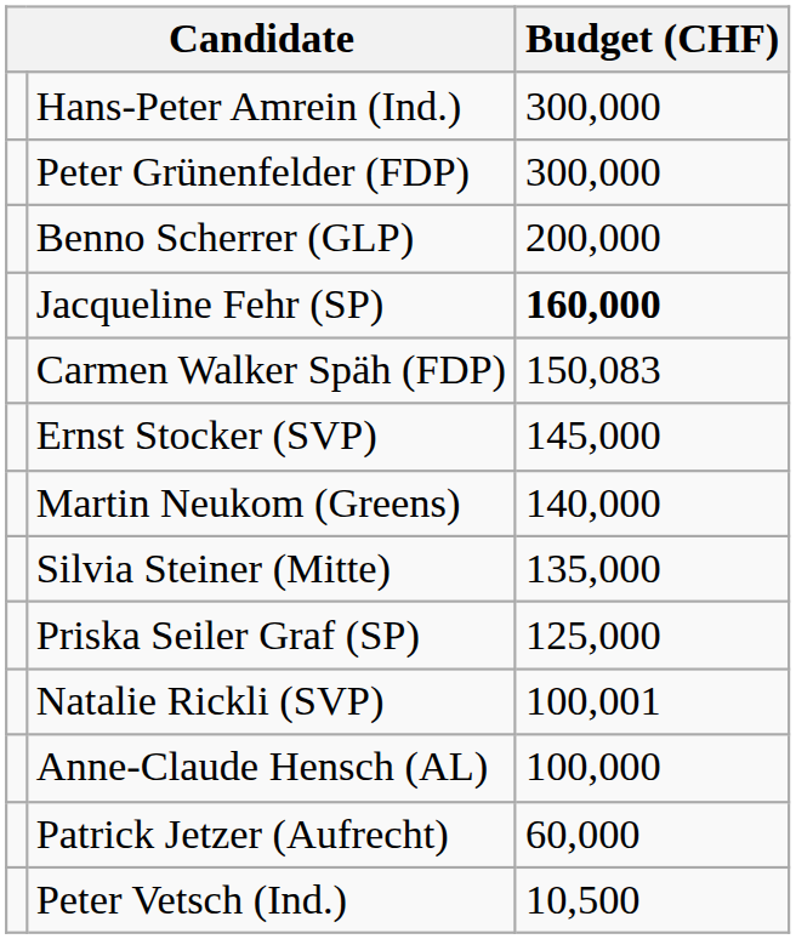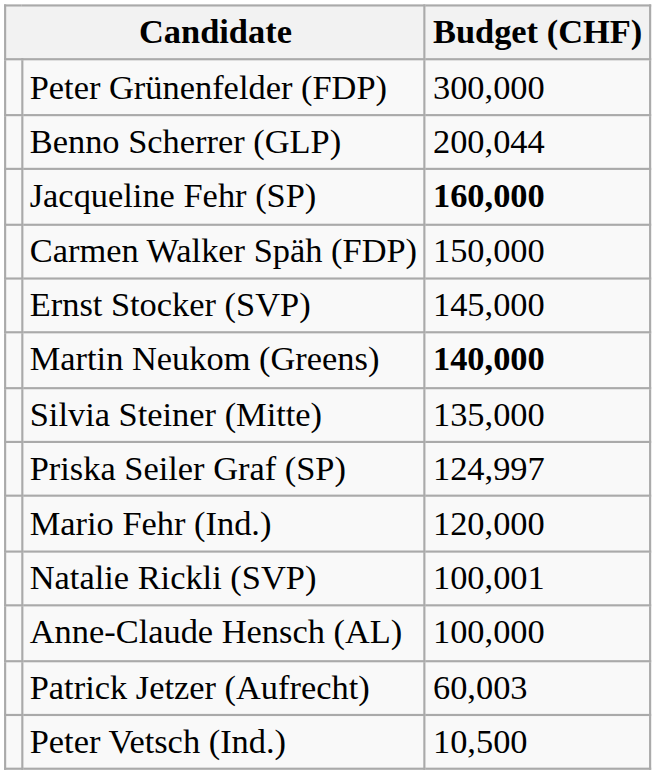 <table class="wikitable" style="float:right;">
 <tr>
 <th colspan=2>Candidate</th>
 <th>Budget (CHF)</th>
-</tr>
-<tr>
-<td style="background-color:"></td>
-<td>Hans-Peter Amrein (Ind.)</td>
-<td>300,000</td>
 </tr>
 <tr>
 <td style="background-color:"></td>
 <td>Peter Grünenfelder (FDP)</td>
 <td>300,000</td>
 </tr>
 <tr>
 <td style="background-color:"></td>
 <td>Benno Scherrer (GLP)</td>
-<td>200,000</td>
+<td>200,044</td>
 </tr>
 <tr>
 <td style="background-color:"></td>
 <td>Jacqueline Fehr (SP)</td>
 <td><strong>160,000</strong></td>
 </tr>
 <tr>
 <td style="background-color:"></td>
 <td>Carmen Walker Späh (FDP)</td>
-<td>150,083</td>
+<td>150,000</td>
 </tr>
 <tr>
 <td style="background-color:"></td>
 <td>Ernst Stocker (SVP)</td>
 <td>145,000</td>
 </tr>
 <tr>
 <td style="background-color:"></td>
 <td>Martin Neukom (Greens)</td>
-<td>140,000</td>
+<td><strong>140,000</strong></td>
 </tr>
 <tr>
 <td style="background-color:"></td>
 <td>Silvia Steiner (Mitte)</td>
 <td>135,000</td>
 </tr>
 <tr>
 <td style="background-color:"></td>
 <td>Priska Seiler Graf (SP)</td>
-<td>125,000</td>
+<td>124,997</td>
+</tr>
+<tr>
+<td style="background-color:"></td>
+<td>Mario Fehr (Ind.)</td>
+<td>120,000</td>
 </tr>
 <tr>
 <td style="background-color:"></td>
 <td>Natalie Rickli (SVP)</td>
 <td>100,001</td>
 </tr>
 <tr>
 <td style="background-color:"></td>
 <td>Anne-Claude Hensch (AL)</td>
 <td>100,000</td>
 </tr>
 <tr>
 <td style="background-color:"></td>
 <td>Patrick Jetzer (Aufrecht)</td>
-<td>60,000</td>
+<td>60,003</td>
 </tr>
 <tr>
 <td style="background-color:"></td>
 <td>Peter Vetsch (Ind.)</td>
 <td>10,500</td>
 </tr>
 </table>
